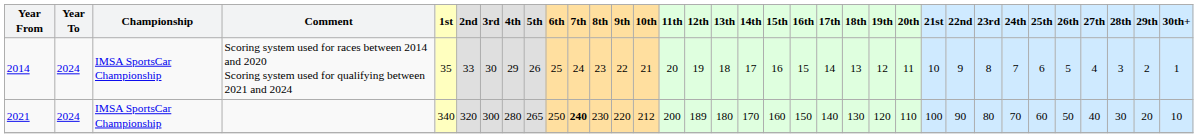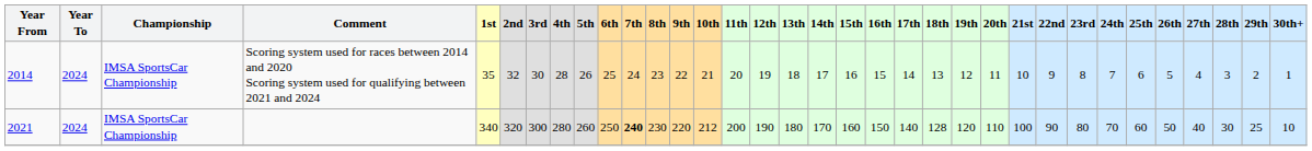 <table border="2" cellpadding="2" cellspacing="0" style="margin:0 1em 0 0; background:#f9f9f9; border:1px #aaa solid; border-collapse:collapse; font-size:75%;">
 <tr>
 <th bgcolor=f2f3f4>Year From</th>
 <th bgcolor=f2f3f4>Year To</th>
 <th bgcolor=f2f3f4>Championship</th>
 <th bgcolor=f2f3f4>Comment</th>
 <td bgcolor=ffffbf align="center"><strong>1st</strong></td>
 <td bgcolor=dfdfdf align="center"><strong>2nd</strong></td>
 <td bgcolor=dfdfdf align="center"><strong>3rd</strong></td>
 <td bgcolor=dfdfdf align="center"><strong>4th</strong></td>
 <td bgcolor=dfdfdf align="center"><strong>5th</strong></td>
 <td bgcolor=ffdf9f align="center"><strong>6th</strong></td>
 <td bgcolor=ffdf9f align="center"><strong>7th</strong></td>
 <td bgcolor=ffdf9f align="center"><strong>8th</strong></td>
 <td bgcolor=ffdf9f align="center"><strong>9th</strong></td>
 <td bgcolor=ffdf9f align="center"><strong>10th</strong></td>
 <td bgcolor=dfffdf align="center"><strong>11th</strong></td>
 <td bgcolor=dfffdf align="center"><strong>12th</strong></td>
 <td bgcolor=dfffdf align="center"><strong>13th</strong></td>
 <td bgcolor=dfffdf align="center"><strong>14th</strong></td>
 <td bgcolor=dfffdf align="center"><strong>15th</strong></td>
 <td bgcolor=dfffdf align="center"><strong>16th</strong></td>
 <td bgcolor=dfffdf align="center"><strong>17th</strong></td>
 <td bgcolor=dfffdf align="center"><strong>18th</strong></td>
 <td bgcolor=dfffdf align="center"><strong>19th</strong></td>
 <td bgcolor=dfffdf align="center"><strong>20th</strong></td>
 <td bgcolor=cfeaff align="center"><strong>21st</strong></td>
 <td bgcolor=cfeaff align="center"><strong>22nd</strong></td>
 <td bgcolor=cfeaff align="center"><strong>23rd</strong></td>
 <td bgcolor=cfeaff align="center"><strong>24th</strong></td>
 <td bgcolor=cfeaff align="center"><strong>25th</strong></td>
 <td bgcolor=cfeaff align="center"><strong>26th</strong></td>
 <td bgcolor=cfeaff align="center"><strong>27th</strong></td>
 <td bgcolor=cfeaff align="center"><strong>28th</strong></td>
 <td bgcolor=cfeaff align="center"><strong>29th</strong></td>
 <td bgcolor=cfeaff align="center"><strong>30th+</strong></td>
 </tr>
 <tr>
 <td><a href='#'>2014</a></td>
 <td><a href='#'>2024</a></td>
 <td><a href='#'>IMSA SportsCar Championship</a></td>
 <td>Scoring system used for races between 2014 and 2020<br>Scoring system used for qualifying between 2021 and 2024</td>
 <td bgcolor=ffffbf align="center">35</td>
-<td bgcolor=dfdfdf align="center">33</td>
+<td bgcolor=dfdfdf align="center">32</td>
 <td bgcolor=dfdfdf align="center">30</td>
-<td bgcolor=dfdfdf align="center">29</td>
+<td bgcolor=dfdfdf align="center">28</td>
 <td bgcolor=dfdfdf align="center">26</td>
 <td bgcolor=ffdf9f align="center">25</td>
 <td bgcolor=ffdf9f align="center">24</td>
 <td bgcolor=ffdf9f align="center">23</td>
 <td bgcolor=ffdf9f align="center">22</td>
 <td bgcolor=ffdf9f align="center">21</td>
 <td bgcolor=dfffdf align="center">20</td>
 <td bgcolor=dfffdf align="center">19</td>
 <td bgcolor=dfffdf align="center">18</td>
 <td bgcolor=dfffdf align="center">17</td>
 <td bgcolor=dfffdf align="center">16</td>
 <td bgcolor=dfffdf align="center">15</td>
 <td bgcolor=dfffdf align="center">14</td>
 <td bgcolor=dfffdf align="center">13</td>
 <td bgcolor=dfffdf align="center">12</td>
 <td bgcolor=dfffdf align="center">11</td>
 <td bgcolor=cfeaff align="center">10</td>
 <td bgcolor=cfeaff align="center">9</td>
 <td bgcolor=cfeaff align="center">8</td>
 <td bgcolor=cfeaff align="center">7</td>
 <td bgcolor=cfeaff align="center">6</td>
 <td bgcolor=cfeaff align="center">5</td>
 <td bgcolor=cfeaff align="center">4</td>
 <td bgcolor=cfeaff align="center">3</td>
 <td bgcolor=cfeaff align="center">2</td>
 <td bgcolor=cfeaff align="center">1</td>
 </tr>
 <tr>
 <td><a href='#'>2021</a></td>
 <td><a href='#'>2024</a></td>
 <td><a href='#'>IMSA SportsCar Championship</a></td>
 <td></td>
 <td bgcolor=ffffbf align="center">340</td>
 <td bgcolor=dfdfdf align="center">320</td>
 <td bgcolor=dfdfdf align="center">300</td>
 <td bgcolor=dfdfdf align="center">280</td>
-<td bgcolor=dfdfdf align="center">265</td>
+<td bgcolor=dfdfdf align="center">260</td>
 <td bgcolor=ffdf9f align="center">250</td>
 <td bgcolor=ffdf9f align="center"><strong>240</strong></td>
 <td bgcolor=ffdf9f align="center">230</td>
 <td bgcolor=ffdf9f align="center">220</td>
 <td bgcolor=ffdf9f align="center">212</td>
 <td bgcolor=dfffdf align="center">200</td>
-<td bgcolor=dfffdf align="center">189</td>
+<td bgcolor=dfffdf align="center">190</td>
 <td bgcolor=dfffdf align="center">180</td>
 <td bgcolor=dfffdf align="center">170</td>
 <td bgcolor=dfffdf align="center">160</td>
 <td bgcolor=dfffdf align="center">150</td>
 <td bgcolor=dfffdf align="center">140</td>
-<td bgcolor=dfffdf align="center">130</td>
+<td bgcolor=dfffdf align="center">128</td>
 <td bgcolor=dfffdf align="center">120</td>
 <td bgcolor=dfffdf align="center">110</td>
 <td bgcolor=cfeaff align="center">100</td>
 <td bgcolor=cfeaff align="center">90</td>
 <td bgcolor=cfeaff align="center">80</td>
 <td bgcolor=cfeaff align="center">70</td>
 <td bgcolor=cfeaff align="center">60</td>
 <td bgcolor=cfeaff align="center">50</td>
 <td bgcolor=cfeaff align="center">40</td>
 <td bgcolor=cfeaff align="center">30</td>
-<td bgcolor=cfeaff align="center">20</td>
+<td bgcolor=cfeaff align="center">25</td>
 <td bgcolor=cfeaff align="center">10</td>
 </tr>
 <tr>
 </tr>
 </table>
